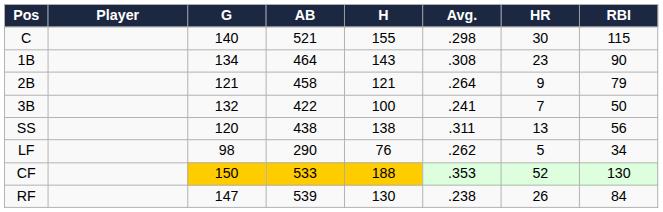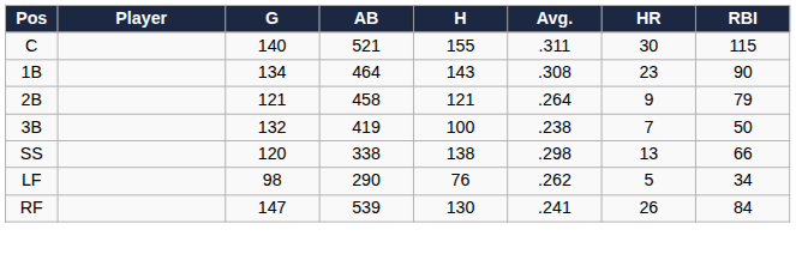 <table class="wikitable sortable">
 <tr>
 <th style="background:#1c2841;color:white;" width="5%">Pos</th>
 <th style="background:#1c2841;color:white;" width="16%">Player</th>
 <th style="background:#1c2841;color:white;" width="9%">G</th>
 <th style="background:#1c2841;color:white;" width="9%">AB</th>
 <th style="background:#1c2841;color:white;" width="9%">H</th>
 <th style="background:#1c2841;color:white;" width="9%">Avg.</th>
 <th style="background:#1c2841;color:white;" width="9%">HR</th>
 <th style="background:#1c2841;color:white;" width="9%">RBI</th>
 </tr>
 <tr align="center">
 <td>C</td>
 <td></td>
 <td>140</td>
 <td>521</td>
 <td>155</td>
-<td>.298</td>
+<td>.311</td>
 <td>30</td>
 <td>115</td>
 </tr>
 <tr align="center">
 <td>1B</td>
 <td></td>
 <td>134</td>
 <td>464</td>
 <td>143</td>
 <td>.308</td>
 <td>23</td>
 <td>90</td>
 </tr>
 <tr align="center">
 <td>2B</td>
 <td></td>
 <td>121</td>
 <td>458</td>
 <td>121</td>
 <td>.264</td>
 <td>9</td>
 <td>79</td>
 </tr>
 <tr align="center">
 <td>3B</td>
 <td></td>
 <td>132</td>
-<td>422</td>
+<td>419</td>
 <td>100</td>
-<td>.241</td>
+<td>.238</td>
 <td>7</td>
 <td>50</td>
 </tr>
 <tr align="center">
 <td>SS</td>
 <td></td>
 <td>120</td>
-<td>438</td>
+<td>338</td>
 <td>138</td>
-<td>.311</td>
+<td>.298</td>
 <td>13</td>
-<td>56</td>
+<td>66</td>
 </tr>
 <tr align="center">
 <td>LF</td>
 <td></td>
 <td>98</td>
 <td>290</td>
 <td>76</td>
 <td>.262</td>
 <td>5</td>
 <td>34</td>
 </tr>
 <tr align="center">
-<td>CF</td>
-<td></td>
-<td style="background:#fc0;">150</td>
-<td style="background:#fc0;">533</td>
-<td style="background:#fc0;">188</td>
-<td style="background:#DDFFDD;">.353</td>
-<td style="background:#DDFFDD;">52</td>
-<td style="background:#DDFFDD;">130</td>
-</tr>
-<tr align="center">
 <td>RF</td>
 <td></td>
 <td>147</td>
 <td>539</td>
 <td>130</td>
-<td>.238</td>
+<td>.241</td>
 <td>26</td>
 <td>84</td>
 </tr>
 </table>
